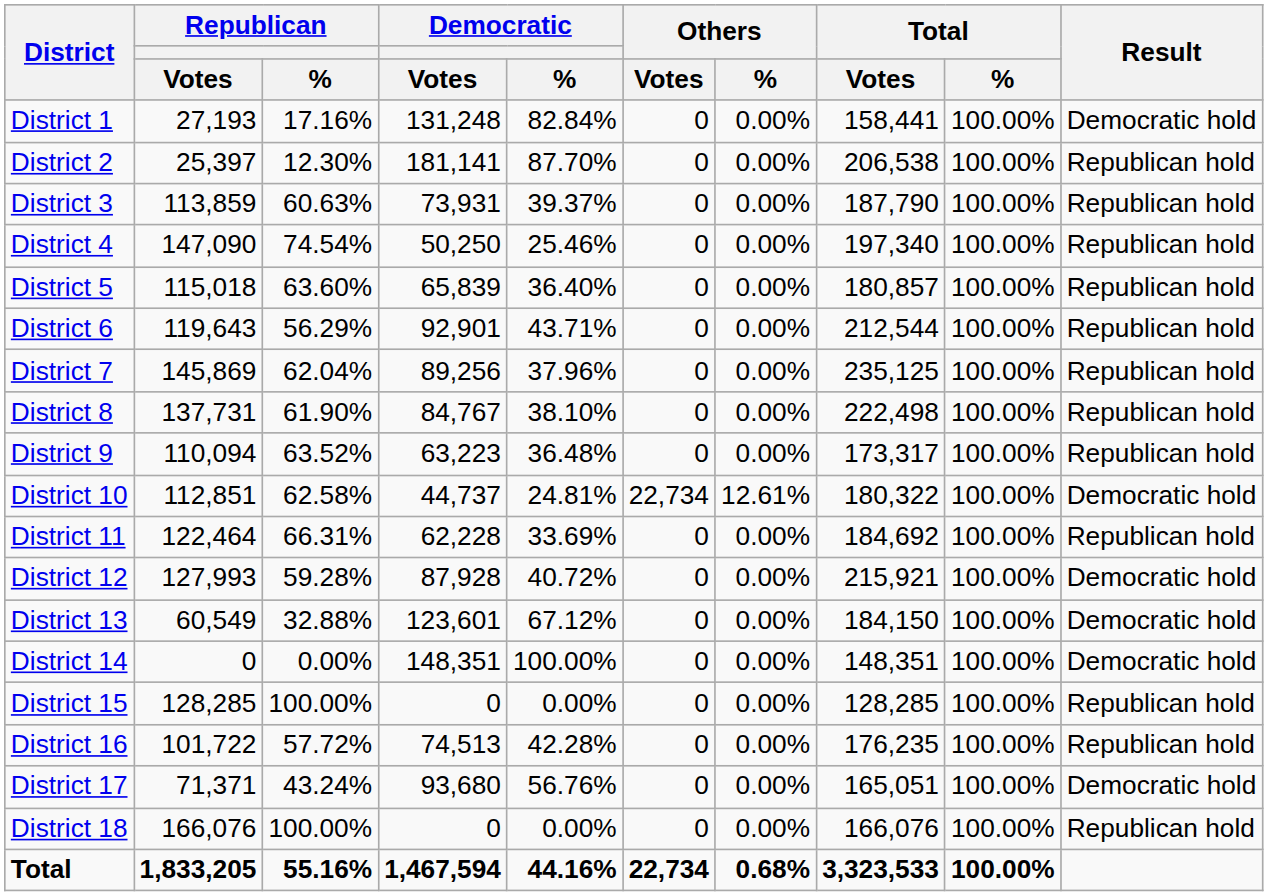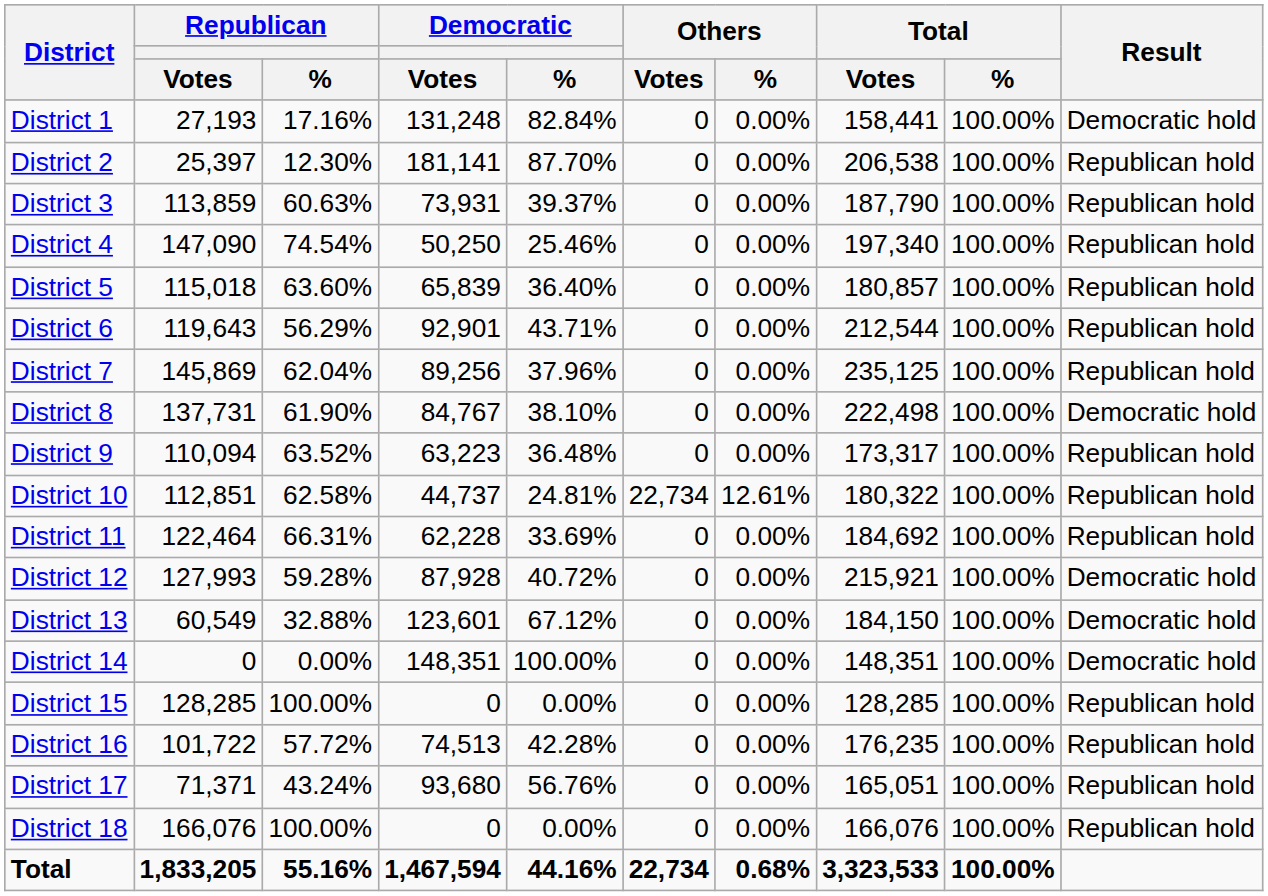 <table class="wikitable plainrowheaders sortable" style="font-size:100%; text-align:right;">
 <tr>
 <th scope=col rowspan=3><a href='#'>District</a></th>
 <th scope=col colspan=2><a href='#'>Republican</a></th>
 <th scope=col colspan=2><a href='#'>Democratic</a></th>
 <th scope=col colspan=2 rowspan=2>Others</th>
 <th scope=col colspan=2 rowspan=2>Total</th>
 <th scope=col rowspan=3>Result</th>
 </tr>
 <tr>
 <th scope=col colspan=2 style="background:"></th>
 <th scope=col colspan=2 style="background:"></th>
 </tr>
 <tr>
 <th scope=col data-sort-type="number">Votes</th>
 <th scope=col data-sort-type="number">%</th>
 <th scope=col data-sort-type="number">Votes</th>
 <th scope=col data-sort-type="number">%</th>
 <th scope=col data-sort-type="number">Votes</th>
 <th scope=col data-sort-type="number">%</th>
 <th scope=col data-sort-type="number">Votes</th>
 <th scope=col data-sort-type="number">%</th>
 </tr>
 <tr>
 <td align=left><a href='#'>District 1</a></td>
 <td>27,193</td>
 <td>17.16%</td>
 <td>131,248</td>
 <td>82.84%</td>
 <td>0</td>
 <td>0.00%</td>
 <td>158,441</td>
 <td>100.00%</td>
 <td align=left>Democratic hold</td>
 </tr>
 <tr>
 <td align=left><a href='#'>District 2</a></td>
 <td>25,397</td>
 <td>12.30%</td>
 <td>181,141</td>
 <td>87.70%</td>
 <td>0</td>
 <td>0.00%</td>
 <td>206,538</td>
 <td>100.00%</td>
 <td align=left>Republican hold</td>
 </tr>
 <tr>
 <td align=left><a href='#'>District 3</a></td>
 <td>113,859</td>
 <td>60.63%</td>
 <td>73,931</td>
 <td>39.37%</td>
 <td>0</td>
 <td>0.00%</td>
 <td>187,790</td>
 <td>100.00%</td>
 <td align=left>Republican hold</td>
 </tr>
 <tr>
 <td align=left><a href='#'>District 4</a></td>
 <td>147,090</td>
 <td>74.54%</td>
 <td>50,250</td>
 <td>25.46%</td>
 <td>0</td>
 <td>0.00%</td>
 <td>197,340</td>
 <td>100.00%</td>
 <td align=left>Republican hold</td>
 </tr>
 <tr>
 <td align=left><a href='#'>District 5</a></td>
 <td>115,018</td>
 <td>63.60%</td>
 <td>65,839</td>
 <td>36.40%</td>
 <td>0</td>
 <td>0.00%</td>
 <td>180,857</td>
 <td>100.00%</td>
 <td align=left>Republican hold</td>
 </tr>
 <tr>
 <td align=left><a href='#'>District 6</a></td>
 <td>119,643</td>
 <td>56.29%</td>
 <td>92,901</td>
 <td>43.71%</td>
 <td>0</td>
 <td>0.00%</td>
 <td>212,544</td>
 <td>100.00%</td>
 <td align=left>Republican hold</td>
 </tr>
 <tr>
 <td align=left><a href='#'>District 7</a></td>
 <td>145,869</td>
 <td>62.04%</td>
 <td>89,256</td>
 <td>37.96%</td>
 <td>0</td>
 <td>0.00%</td>
 <td>235,125</td>
 <td>100.00%</td>
 <td align=left>Republican hold</td>
 </tr>
 <tr>
 <td align=left><a href='#'>District 8</a></td>
 <td>137,731</td>
 <td>61.90%</td>
 <td>84,767</td>
 <td>38.10%</td>
 <td>0</td>
 <td>0.00%</td>
 <td>222,498</td>
 <td>100.00%</td>
-<td align=left>Republican hold</td>
+<td align=left>Democratic hold</td>
 </tr>
 <tr>
 <td align=left><a href='#'>District 9</a></td>
 <td>110,094</td>
 <td>63.52%</td>
 <td>63,223</td>
 <td>36.48%</td>
 <td>0</td>
 <td>0.00%</td>
 <td>173,317</td>
 <td>100.00%</td>
 <td align=left>Republican hold</td>
 </tr>
 <tr>
 <td align=left><a href='#'>District 10</a></td>
 <td>112,851</td>
 <td>62.58%</td>
 <td>44,737</td>
 <td>24.81%</td>
 <td>22,734</td>
 <td>12.61%</td>
 <td>180,322</td>
 <td>100.00%</td>
-<td align=left>Democratic hold</td>
+<td align=left>Republican hold</td>
 </tr>
 <tr>
 <td align=left><a href='#'>District 11</a></td>
 <td>122,464</td>
 <td>66.31%</td>
 <td>62,228</td>
 <td>33.69%</td>
 <td>0</td>
 <td>0.00%</td>
 <td>184,692</td>
 <td>100.00%</td>
 <td align=left>Republican hold</td>
 </tr>
 <tr>
 <td align=left><a href='#'>District 12</a></td>
 <td>127,993</td>
 <td>59.28%</td>
 <td>87,928</td>
 <td>40.72%</td>
 <td>0</td>
 <td>0.00%</td>
 <td>215,921</td>
 <td>100.00%</td>
 <td align=left>Democratic hold</td>
 </tr>
 <tr>
 <td align=left><a href='#'>District 13</a></td>
 <td>60,549</td>
 <td>32.88%</td>
 <td>123,601</td>
 <td>67.12%</td>
 <td>0</td>
 <td>0.00%</td>
 <td>184,150</td>
 <td>100.00%</td>
 <td align=left>Democratic hold</td>
 </tr>
 <tr>
 <td align=left><a href='#'>District 14</a></td>
 <td>0</td>
 <td>0.00%</td>
 <td>148,351</td>
 <td>100.00%</td>
 <td>0</td>
 <td>0.00%</td>
 <td>148,351</td>
 <td>100.00%</td>
 <td align=left>Democratic hold</td>
 </tr>
 <tr>
 <td align=left><a href='#'>District 15</a></td>
 <td>128,285</td>
 <td>100.00%</td>
 <td>0</td>
 <td>0.00%</td>
 <td>0</td>
 <td>0.00%</td>
 <td>128,285</td>
 <td>100.00%</td>
 <td align=left>Republican hold</td>
 </tr>
 <tr>
 <td align=left><a href='#'>District 16</a></td>
 <td>101,722</td>
 <td>57.72%</td>
 <td>74,513</td>
 <td>42.28%</td>
 <td>0</td>
 <td>0.00%</td>
 <td>176,235</td>
 <td>100.00%</td>
 <td align=left>Republican hold</td>
 </tr>
 <tr>
 <td align=left><a href='#'>District 17</a></td>
 <td>71,371</td>
 <td>43.24%</td>
 <td>93,680</td>
 <td>56.76%</td>
 <td>0</td>
 <td>0.00%</td>
 <td>165,051</td>
 <td>100.00%</td>
-<td align=left>Democratic hold</td>
+<td align=left>Republican hold</td>
 </tr>
 <tr>
 <td align=left><a href='#'>District 18</a></td>
 <td>166,076</td>
 <td>100.00%</td>
 <td>0</td>
 <td>0.00%</td>
 <td>0</td>
 <td>0.00%</td>
 <td>166,076</td>
 <td>100.00%</td>
 <td align=left>Republican hold</td>
 </tr>
 <tr class="sortbottom" style="font-weight:bold">
 <td align=left>Total</td>
 <td>1,833,205</td>
 <td>55.16%</td>
 <td>1,467,594</td>
 <td>44.16%</td>
 <td>22,734</td>
 <td>0.68%</td>
 <td>3,323,533</td>
 <td>100.00%</td>
 <td></td>
 </tr>
 </table>
